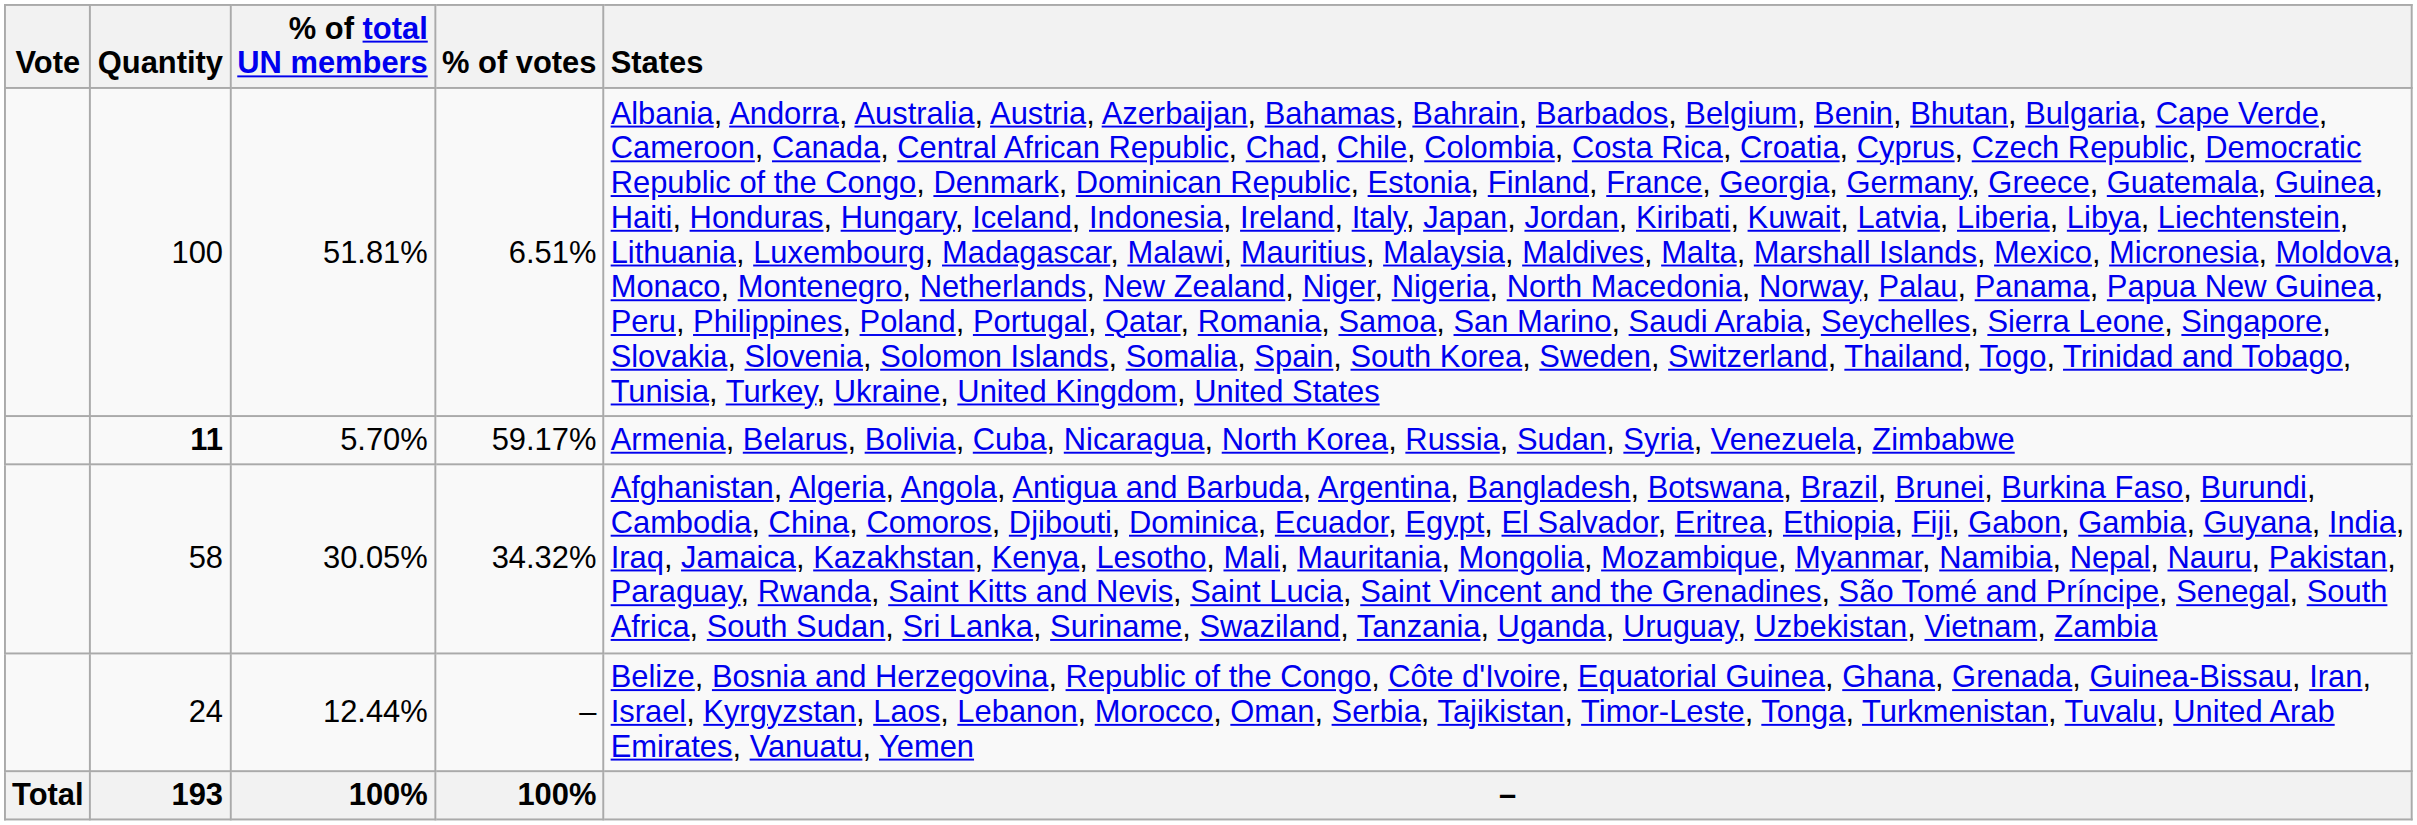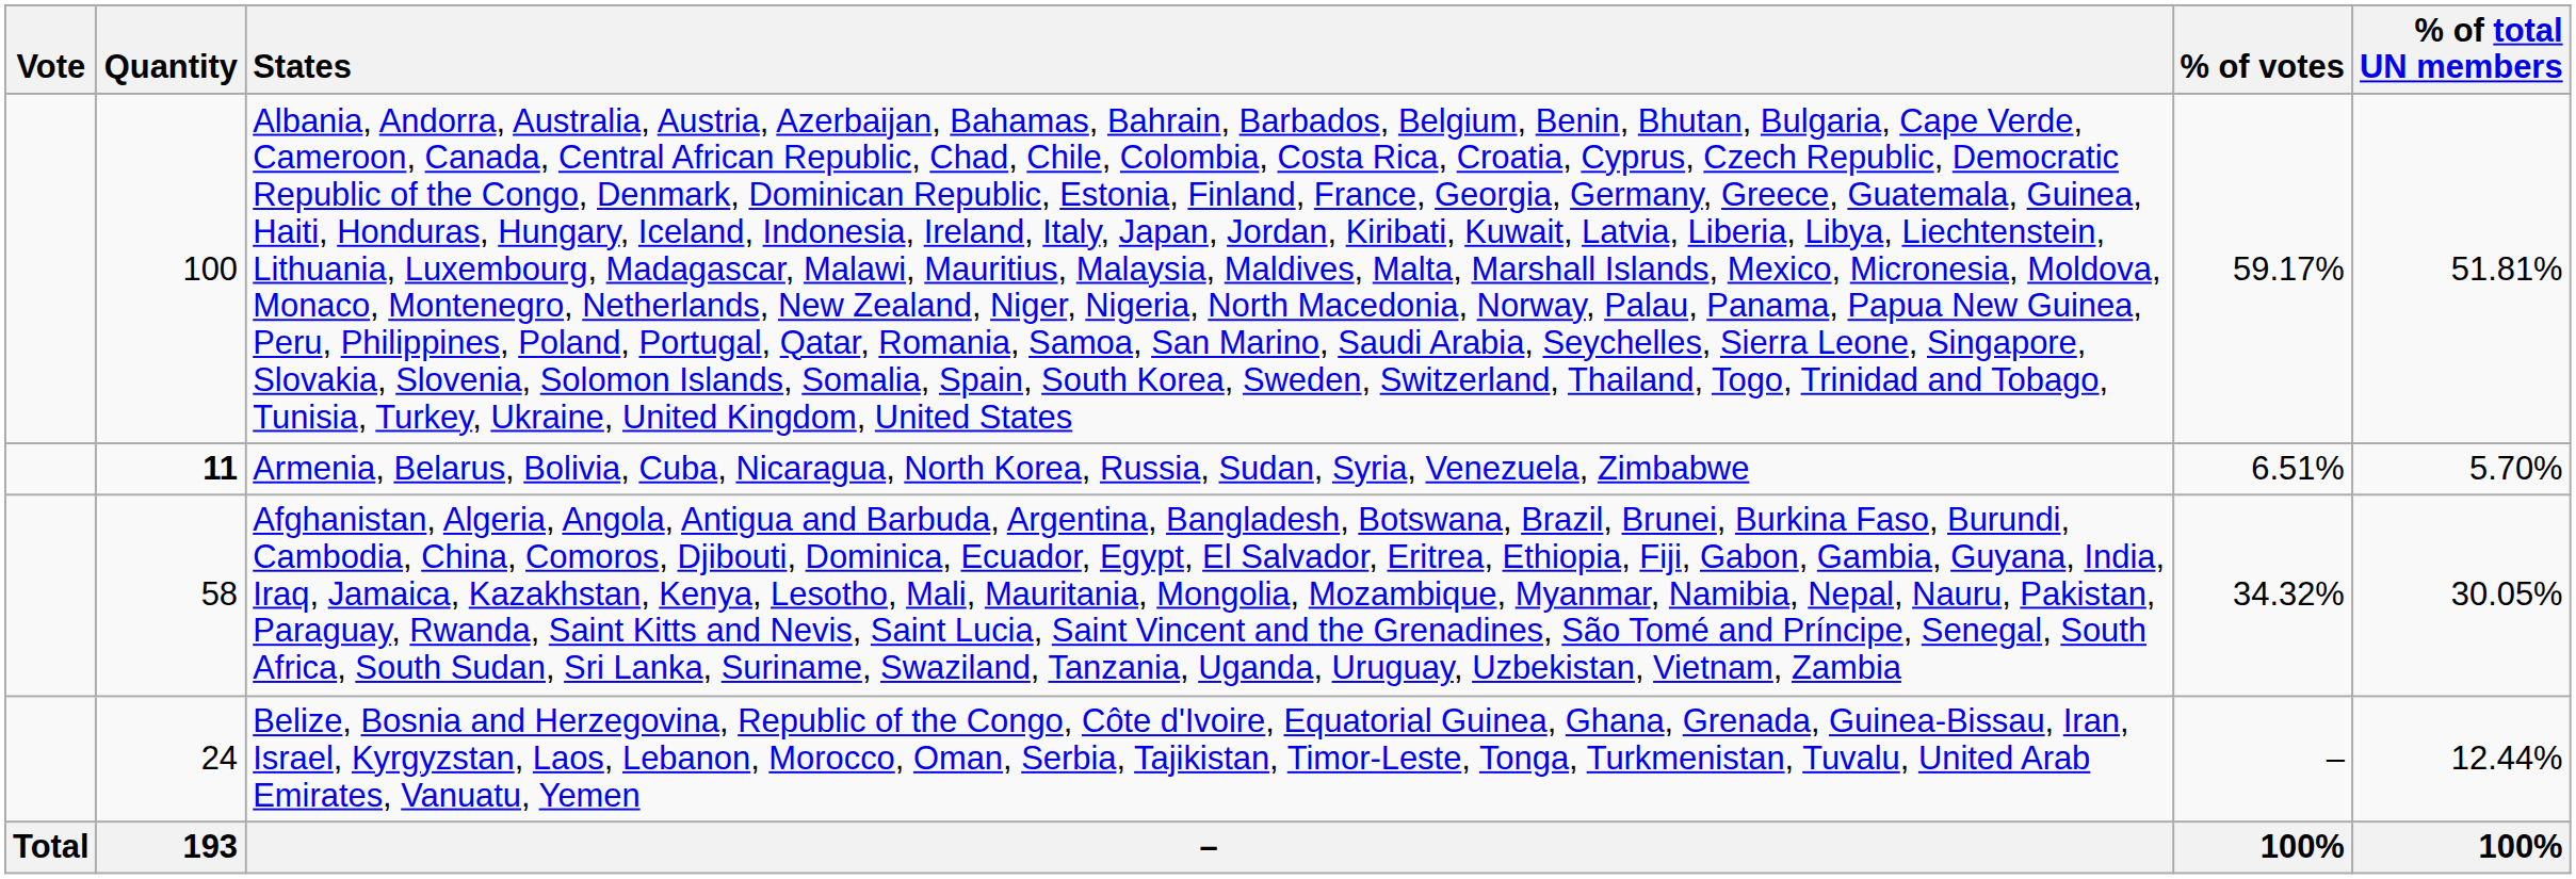 <table class="wikitable sortable">
 <tr>
 <th style="vertical-align: bottom">Vote</th>
 <th style="text-align: right; vertical-align: bottom;">Quantity</th>
+<th style="text-align: left; vertical-align: bottom">States</th>
+<th style="text-align: right; vertical-align: bottom; white-space: nowrap">% of votes</th>
 <th style="text-align: right; vertical-align: bottom; white-space: nowrap">% of <a href='#'>total</a><br><a href='#'>UN members</a></th>
-<th style="text-align: right; vertical-align: bottom; white-space: nowrap">% of votes</th>
-<th style="text-align: left; vertical-align: bottom">States</th>
 </tr>
 <tr>
 <td></td>
 <td style="text-align: right">100</td>
+<td><a href='#'>Albania</a>, <a href='#'>Andorra</a>, <a href='#'>Australia</a>, <a href='#'>Austria</a>, <a href='#'>Azerbaijan</a>, <a href='#'>Bahamas</a>, <a href='#'>Bahrain</a>, <a href='#'>Barbados</a>, <a href='#'>Belgium</a>, <a href='#'>Benin</a>, <a href='#'>Bhutan</a>, <a href='#'>Bulgaria</a>, <a href='#'>Cape Verde</a>, <a href='#'>Cameroon</a>, <a href='#'>Canada</a>, <a href='#'>Central African Republic</a>, <a href='#'>Chad</a>, <a href='#'>Chile</a>, <a href='#'>Colombia</a>, <a href='#'>Costa Rica</a>, <a href='#'>Croatia</a>, <a href='#'>Cyprus</a>, <a href='#'>Czech Republic</a>, <a href='#'>Democratic Republic of the Congo</a>, <a href='#'>Denmark</a>, <a href='#'>Dominican Republic</a>, <a href='#'>Estonia</a>, <a href='#'>Finland</a>, <a href='#'>France</a>, <a href='#'>Georgia</a>, <a href='#'>Germany</a>, <a href='#'>Greece</a>, <a href='#'>Guatemala</a>, <a href='#'>Guinea</a>, <a href='#'>Haiti</a>, <a href='#'>Honduras</a>, <a href='#'>Hungary</a>, <a href='#'>Iceland</a>, <a href='#'>Indonesia</a>, <a href='#'>Ireland</a>, <a href='#'>Italy</a>, <a href='#'>Japan</a>, <a href='#'>Jordan</a>, <a href='#'>Kiribati</a>, <a href='#'>Kuwait</a>, <a href='#'>Latvia</a>, <a href='#'>Liberia</a>, <a href='#'>Libya</a>, <a href='#'>Liechtenstein</a>, <a href='#'>Lithuania</a>, <a href='#'>Luxembourg</a>, <a href='#'>Madagascar</a>, <a href='#'>Malawi</a>, <a href='#'>Mauritius</a>, <a href='#'>Malaysia</a>, <a href='#'>Maldives</a>, <a href='#'>Malta</a>, <a href='#'>Marshall Islands</a>, <a href='#'>Mexico</a>, <a href='#'>Micronesia</a>, <a href='#'>Moldova</a>, <a href='#'>Monaco</a>, <a href='#'>Montenegro</a>, <a href='#'>Netherlands</a>, <a href='#'>New Zealand</a>, <a href='#'>Niger</a>, <a href='#'>Nigeria</a>, <a href='#'>North Macedonia</a>, <a href='#'>Norway</a>, <a href='#'>Palau</a>, <a href='#'>Panama</a>, <a href='#'>Papua New Guinea</a>, <a href='#'>Peru</a>, <a href='#'>Philippines</a>, <a href='#'>Poland</a>, <a href='#'>Portugal</a>, <a href='#'>Qatar</a>,  <a href='#'>Romania</a>, <a href='#'>Samoa</a>, <a href='#'>San Marino</a>, <a href='#'>Saudi Arabia</a>, <a href='#'>Seychelles</a>, <a href='#'>Sierra Leone</a>, <a href='#'>Singapore</a>, <a href='#'>Slovakia</a>, <a href='#'>Slovenia</a>, <a href='#'>Solomon Islands</a>, <a href='#'>Somalia</a>, <a href='#'>Spain</a>, <a href='#'>South Korea</a>, <a href='#'>Sweden</a>, <a href='#'>Switzerland</a>, <a href='#'>Thailand</a>, <a href='#'>Togo</a>, <a href='#'>Trinidad and Tobago</a>, <a href='#'>Tunisia</a>, <a href='#'>Turkey</a>, <a href='#'>Ukraine</a>, <a href='#'>United Kingdom</a>, <a href='#'>United States</a></td>
+<td style="text-align: right">59.17%</td>
 <td style="text-align: right">51.81%</td>
-<td style="text-align: right">6.51%</td>
-<td><a href='#'>Albania</a>, <a href='#'>Andorra</a>, <a href='#'>Australia</a>, <a href='#'>Austria</a>, <a href='#'>Azerbaijan</a>, <a href='#'>Bahamas</a>, <a href='#'>Bahrain</a>, <a href='#'>Barbados</a>, <a href='#'>Belgium</a>, <a href='#'>Benin</a>, <a href='#'>Bhutan</a>, <a href='#'>Bulgaria</a>, <a href='#'>Cape Verde</a>, <a href='#'>Cameroon</a>, <a href='#'>Canada</a>, <a href='#'>Central African Republic</a>, <a href='#'>Chad</a>, <a href='#'>Chile</a>, <a href='#'>Colombia</a>, <a href='#'>Costa Rica</a>, <a href='#'>Croatia</a>, <a href='#'>Cyprus</a>, <a href='#'>Czech Republic</a>, <a href='#'>Democratic Republic of the Congo</a>, <a href='#'>Denmark</a>, <a href='#'>Dominican Republic</a>, <a href='#'>Estonia</a>, <a href='#'>Finland</a>, <a href='#'>France</a>, <a href='#'>Georgia</a>, <a href='#'>Germany</a>, <a href='#'>Greece</a>, <a href='#'>Guatemala</a>, <a href='#'>Guinea</a>, <a href='#'>Haiti</a>, <a href='#'>Honduras</a>, <a href='#'>Hungary</a>, <a href='#'>Iceland</a>, <a href='#'>Indonesia</a>, <a href='#'>Ireland</a>, <a href='#'>Italy</a>, <a href='#'>Japan</a>, <a href='#'>Jordan</a>, <a href='#'>Kiribati</a>, <a href='#'>Kuwait</a>, <a href='#'>Latvia</a>, <a href='#'>Liberia</a>, <a href='#'>Libya</a>, <a href='#'>Liechtenstein</a>, <a href='#'>Lithuania</a>, <a href='#'>Luxembourg</a>, <a href='#'>Madagascar</a>, <a href='#'>Malawi</a>, <a href='#'>Mauritius</a>, <a href='#'>Malaysia</a>, <a href='#'>Maldives</a>, <a href='#'>Malta</a>, <a href='#'>Marshall Islands</a>, <a href='#'>Mexico</a>, <a href='#'>Micronesia</a>, <a href='#'>Moldova</a>, <a href='#'>Monaco</a>, <a href='#'>Montenegro</a>, <a href='#'>Netherlands</a>, <a href='#'>New Zealand</a>, <a href='#'>Niger</a>, <a href='#'>Nigeria</a>, <a href='#'>North Macedonia</a>, <a href='#'>Norway</a>, <a href='#'>Palau</a>, <a href='#'>Panama</a>, <a href='#'>Papua New Guinea</a>, <a href='#'>Peru</a>, <a href='#'>Philippines</a>, <a href='#'>Poland</a>, <a href='#'>Portugal</a>, <a href='#'>Qatar</a>,  <a href='#'>Romania</a>, <a href='#'>Samoa</a>, <a href='#'>San Marino</a>, <a href='#'>Saudi Arabia</a>, <a href='#'>Seychelles</a>, <a href='#'>Sierra Leone</a>, <a href='#'>Singapore</a>, <a href='#'>Slovakia</a>, <a href='#'>Slovenia</a>, <a href='#'>Solomon Islands</a>, <a href='#'>Somalia</a>, <a href='#'>Spain</a>, <a href='#'>South Korea</a>, <a href='#'>Sweden</a>, <a href='#'>Switzerland</a>, <a href='#'>Thailand</a>, <a href='#'>Togo</a>, <a href='#'>Trinidad and Tobago</a>, <a href='#'>Tunisia</a>, <a href='#'>Turkey</a>, <a href='#'>Ukraine</a>, <a href='#'>United Kingdom</a>, <a href='#'>United States</a></td>
 </tr>
 <tr>
 <td></td>
 <td style="text-align: right"><strong>11</strong></td>
+<td><a href='#'>Armenia</a>, <a href='#'>Belarus</a>, <a href='#'>Bolivia</a>, <a href='#'>Cuba</a>, <a href='#'>Nicaragua</a>, <a href='#'>North Korea</a>, <a href='#'>Russia</a>, <a href='#'>Sudan</a>, <a href='#'>Syria</a>, <a href='#'>Venezuela</a>, <a href='#'>Zimbabwe</a></td>
+<td style="text-align: right">6.51%</td>
 <td style="text-align: right">5.70%</td>
-<td style="text-align: right">59.17%</td>
-<td><a href='#'>Armenia</a>, <a href='#'>Belarus</a>, <a href='#'>Bolivia</a>, <a href='#'>Cuba</a>, <a href='#'>Nicaragua</a>, <a href='#'>North Korea</a>, <a href='#'>Russia</a>, <a href='#'>Sudan</a>, <a href='#'>Syria</a>, <a href='#'>Venezuela</a>, <a href='#'>Zimbabwe</a></td>
 </tr>
 <tr>
 <td></td>
 <td style="text-align: right">58</td>
+<td><a href='#'>Afghanistan</a>,  <a href='#'>Algeria</a>, <a href='#'>Angola</a>, <a href='#'>Antigua and Barbuda</a>, <a href='#'>Argentina</a>, <a href='#'>Bangladesh</a>, <a href='#'>Botswana</a>, <a href='#'>Brazil</a>, <a href='#'>Brunei</a>, <a href='#'>Burkina Faso</a>, <a href='#'>Burundi</a>, <a href='#'>Cambodia</a>, <a href='#'>China</a>, <a href='#'>Comoros</a>, <a href='#'>Djibouti</a>, <a href='#'>Dominica</a>, <a href='#'>Ecuador</a>, <a href='#'>Egypt</a>, <a href='#'>El Salvador</a>, <a href='#'>Eritrea</a>, <a href='#'>Ethiopia</a>, <a href='#'>Fiji</a>, <a href='#'>Gabon</a>, <a href='#'>Gambia</a>, <a href='#'>Guyana</a>, <a href='#'>India</a>, <a href='#'>Iraq</a>, <a href='#'>Jamaica</a>, <a href='#'>Kazakhstan</a>, <a href='#'>Kenya</a>, <a href='#'>Lesotho</a>, <a href='#'>Mali</a>, <a href='#'>Mauritania</a>, <a href='#'>Mongolia</a>, <a href='#'>Mozambique</a>, <a href='#'>Myanmar</a>, <a href='#'>Namibia</a>, <a href='#'>Nepal</a>, <a href='#'>Nauru</a>, <a href='#'>Pakistan</a>, <a href='#'>Paraguay</a>, <a href='#'>Rwanda</a>, <a href='#'>Saint Kitts and Nevis</a>, <a href='#'>Saint Lucia</a>, <a href='#'>Saint Vincent and the Grenadines</a>, <a href='#'>São Tomé and Príncipe</a>, <a href='#'>Senegal</a>, <a href='#'>South Africa</a>, <a href='#'>South Sudan</a>, <a href='#'>Sri Lanka</a>, <a href='#'>Suriname</a>, <a href='#'>Swaziland</a>, <a href='#'>Tanzania</a>, <a href='#'>Uganda</a>, <a href='#'>Uruguay</a>, <a href='#'>Uzbekistan</a>, <a href='#'>Vietnam</a>, <a href='#'>Zambia</a></td>
+<td style="text-align: right">34.32%</td>
 <td style="text-align: right">30.05%</td>
-<td style="text-align: right">34.32%</td>
-<td><a href='#'>Afghanistan</a>,  <a href='#'>Algeria</a>, <a href='#'>Angola</a>, <a href='#'>Antigua and Barbuda</a>, <a href='#'>Argentina</a>, <a href='#'>Bangladesh</a>, <a href='#'>Botswana</a>, <a href='#'>Brazil</a>, <a href='#'>Brunei</a>, <a href='#'>Burkina Faso</a>, <a href='#'>Burundi</a>, <a href='#'>Cambodia</a>, <a href='#'>China</a>, <a href='#'>Comoros</a>, <a href='#'>Djibouti</a>, <a href='#'>Dominica</a>, <a href='#'>Ecuador</a>, <a href='#'>Egypt</a>, <a href='#'>El Salvador</a>, <a href='#'>Eritrea</a>, <a href='#'>Ethiopia</a>, <a href='#'>Fiji</a>, <a href='#'>Gabon</a>, <a href='#'>Gambia</a>, <a href='#'>Guyana</a>, <a href='#'>India</a>, <a href='#'>Iraq</a>, <a href='#'>Jamaica</a>, <a href='#'>Kazakhstan</a>, <a href='#'>Kenya</a>, <a href='#'>Lesotho</a>, <a href='#'>Mali</a>, <a href='#'>Mauritania</a>, <a href='#'>Mongolia</a>, <a href='#'>Mozambique</a>, <a href='#'>Myanmar</a>, <a href='#'>Namibia</a>, <a href='#'>Nepal</a>, <a href='#'>Nauru</a>, <a href='#'>Pakistan</a>, <a href='#'>Paraguay</a>, <a href='#'>Rwanda</a>, <a href='#'>Saint Kitts and Nevis</a>, <a href='#'>Saint Lucia</a>, <a href='#'>Saint Vincent and the Grenadines</a>, <a href='#'>São Tomé and Príncipe</a>, <a href='#'>Senegal</a>, <a href='#'>South Africa</a>, <a href='#'>South Sudan</a>, <a href='#'>Sri Lanka</a>, <a href='#'>Suriname</a>, <a href='#'>Swaziland</a>, <a href='#'>Tanzania</a>, <a href='#'>Uganda</a>, <a href='#'>Uruguay</a>, <a href='#'>Uzbekistan</a>, <a href='#'>Vietnam</a>, <a href='#'>Zambia</a></td>
 </tr>
 <tr>
 <td></td>
 <td style="text-align: right">24</td>
+<td><a href='#'>Belize</a>, <a href='#'>Bosnia and Herzegovina</a>, <a href='#'>Republic of the Congo</a>, <a href='#'>Côte d'Ivoire</a>, <a href='#'>Equatorial Guinea</a>, <a href='#'>Ghana</a>, <a href='#'>Grenada</a>, <a href='#'>Guinea-Bissau</a>, <a href='#'>Iran</a>, <a href='#'>Israel</a>, <a href='#'>Kyrgyzstan</a>, <a href='#'>Laos</a>, <a href='#'>Lebanon</a>, <a href='#'>Morocco</a>, <a href='#'>Oman</a>, <a href='#'>Serbia</a>, <a href='#'>Tajikistan</a>, <a href='#'>Timor-Leste</a>, <a href='#'>Tonga</a>, <a href='#'>Turkmenistan</a>, <a href='#'>Tuvalu</a>, <a href='#'>United Arab Emirates</a>, <a href='#'>Vanuatu</a>, <a href='#'>Yemen</a></td>
+<td style="text-align: right">–</td>
 <td style="text-align: right">12.44%</td>
-<td style="text-align: right">–</td>
-<td><a href='#'>Belize</a>, <a href='#'>Bosnia and Herzegovina</a>, <a href='#'>Republic of the Congo</a>, <a href='#'>Côte d'Ivoire</a>, <a href='#'>Equatorial Guinea</a>, <a href='#'>Ghana</a>, <a href='#'>Grenada</a>, <a href='#'>Guinea-Bissau</a>, <a href='#'>Iran</a>, <a href='#'>Israel</a>, <a href='#'>Kyrgyzstan</a>, <a href='#'>Laos</a>, <a href='#'>Lebanon</a>, <a href='#'>Morocco</a>, <a href='#'>Oman</a>, <a href='#'>Serbia</a>, <a href='#'>Tajikistan</a>, <a href='#'>Timor-Leste</a>, <a href='#'>Tonga</a>, <a href='#'>Turkmenistan</a>, <a href='#'>Tuvalu</a>, <a href='#'>United Arab Emirates</a>, <a href='#'>Vanuatu</a>, <a href='#'>Yemen</a></td>
 </tr>
 <tr>
 <th style="text-align: left">Total</th>
 <th style="text-align: right">193</th>
+<th>–</th>
 <th style="text-align: right">100%</th>
 <th style="text-align: right">100%</th>
-<th>–</th>
 </tr>
 </table>
